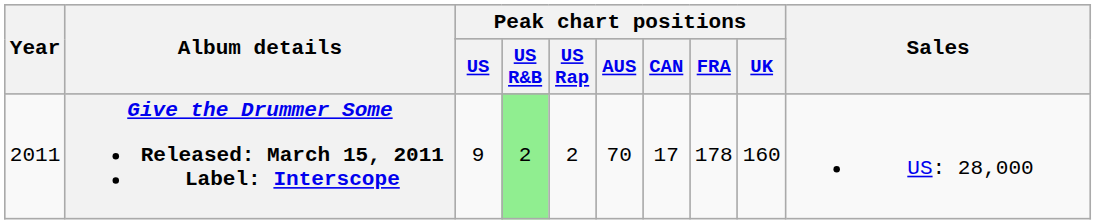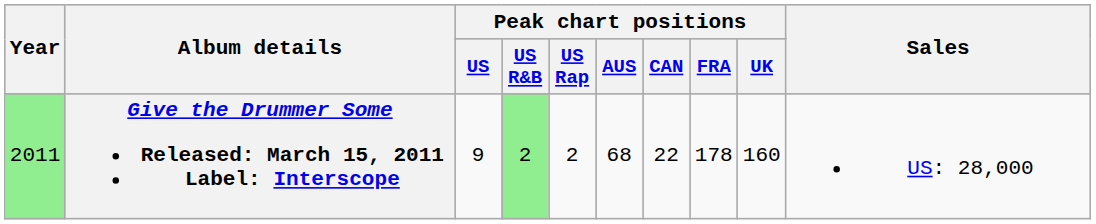 <table class="wikitable plainrowheaders" style="text-align:center;" border="1">
 <tr>
 <th scope="col" rowspan="2" style="width:2em;">Year</th>
 <th scope="col" rowspan="2" style="width:18em;">Album details</th>
 <th scope="col" colspan="7">Peak chart positions</th>
 <th scope="col" rowspan="2" style="width:14em;">Sales</th>
 </tr>
 <tr>
 <th scope="col" style="width:2em;font-size:90%;"><a href='#'>US</a><br></th>
 <th scope="col" style="width:2em;font-size:90%;"><a href='#'>US<br>R&B</a><br></th>
 <th scope="col" style="width:2em;font-size:90%;"><a href='#'>US<br>Rap</a><br></th>
 <th scope="col" style="width:2em;font-size:90%;"><a href='#'>AUS</a><br></th>
 <th scope="col" style="width:2em;font-size:90%;"><a href='#'>CAN</a><br></th>
 <th scope="col" style="width:2em;font-size:90%;"><a href='#'>FRA</a><br></th>
 <th scope="col" style="width:2em;font-size:90%;"><a href='#'>UK</a><br></th>
 </tr>
 <tr>
-<td align="center">2011</td>
+<td align="center" style="background: lightgreen;">2011</td>
 <th scope="row"><em><a href='#'>Give the Drummer Some</a></em><br><ul><li>Released: March 15, 2011</li><li>Label: <a href='#'>Interscope</a></li></ul></th>
 <td>9</td>
 <td style="background: lightgreen;">2</td>
 <td>2</td>
-<td>70</td>
-<td>17</td>
+<td>68</td>
+<td>22</td>
 <td>178</td>
 <td>160</td>
 <td><br><ul><li><a href='#'>US</a>: 28,000</li></ul></td>
 </tr>
 </table>
